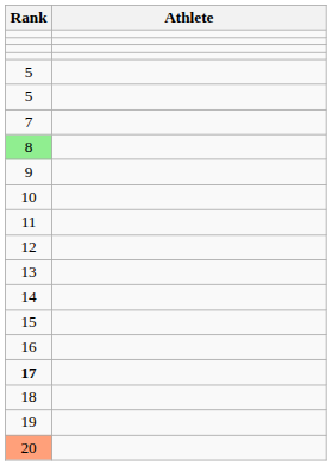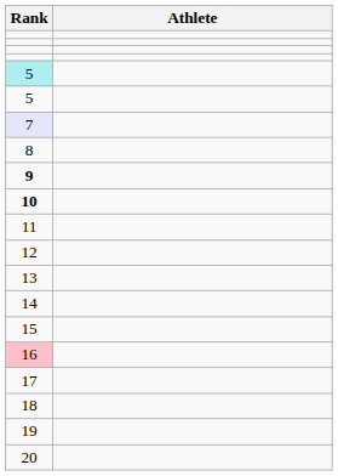 <table class="wikitable" style="text-align: center;">
 <tr>
 <th width=40>Rank</th>
 <th width=270>Athlete</th>
 </tr>
 <tr>
 <td></td>
 <td align="left"></td>
 </tr>
 <tr>
 <td></td>
 <td align="left"></td>
 </tr>
 <tr>
 <td></td>
 <td align="left"></td>
 </tr>
 <tr>
 <td></td>
 <td align="left"></td>
 </tr>
 <tr>
-<td>5</td>
+<td style="background: paleturquoise;">5</td>
 <td align="left"></td>
 </tr>
 <tr>
 <td>5</td>
 <td align="left"></td>
 </tr>
 <tr>
-<td>7</td>
+<td style="background: lavender;">7</td>
 <td align="left"></td>
 </tr>
 <tr>
-<td style="background: lightgreen;">8</td>
+<td>8</td>
 <td align="left"></td>
 </tr>
 <tr>
-<td>9</td>
+<td><strong>9</strong></td>
 <td align="left"></td>
 </tr>
 <tr>
-<td>10</td>
+<td><strong>10</strong></td>
 <td align="left"></td>
 </tr>
 <tr>
 <td>11</td>
 <td align="left"></td>
 </tr>
 <tr>
 <td>12</td>
 <td align="left"></td>
 </tr>
 <tr>
 <td>13</td>
 <td align="left"></td>
 </tr>
 <tr>
 <td>14</td>
 <td align="left"></td>
 </tr>
 <tr>
 <td>15</td>
 <td align="left"></td>
 </tr>
 <tr>
-<td>16</td>
+<td style="background: pink;">16</td>
 <td align="left"></td>
 </tr>
 <tr>
-<td><strong>17</strong></td>
+<td>17</td>
 <td align="left"></td>
 </tr>
 <tr>
 <td>18</td>
 <td align="left"></td>
 </tr>
 <tr>
 <td>19</td>
 <td align="left"></td>
 </tr>
 <tr>
-<td style="background: lightsalmon;">20</td>
+<td>20</td>
 <td align="left"></td>
 </tr>
 </table>
